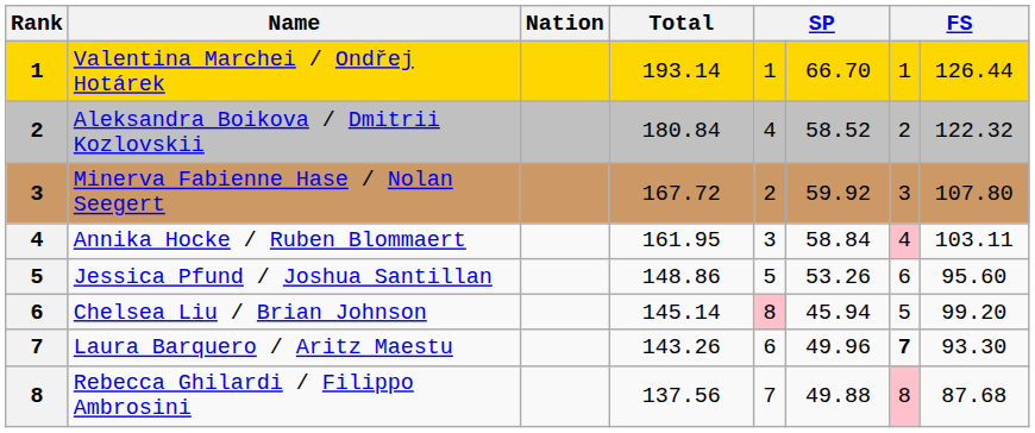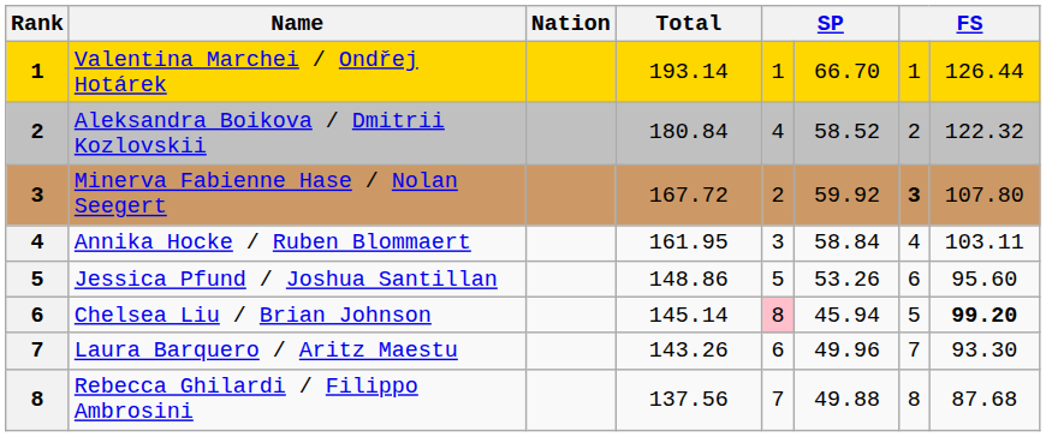 <table class="wikitable sortable">
 <tr>
 <th>Rank</th>
 <th>Name</th>
 <th>Nation</th>
 <th width="80px">Total</th>
 <th colspan="2" width="80px"><a href='#'>SP</a></th>
 <th colspan="2" width="80px"><a href='#'>FS</a></th>
 </tr>
 <tr bgcolor="gold">
 <td align="center"><strong>1</strong></td>
 <td><a href='#'>Valentina Marchei</a> / <a href='#'>Ondřej Hotárek</a></td>
 <td></td>
 <td align="center">193.14</td>
 <td align="center">1</td>
 <td align="center">66.70</td>
 <td align="center">1</td>
 <td align="center">126.44</td>
 </tr>
 <tr bgcolor="silver">
 <td align="center"><strong>2</strong></td>
 <td><a href='#'>Aleksandra Boikova</a> / <a href='#'>Dmitrii Kozlovskii</a></td>
 <td></td>
 <td align="center">180.84</td>
 <td align="center">4</td>
 <td align="center">58.52</td>
 <td align="center">2</td>
 <td align="center">122.32</td>
 </tr>
 <tr bgcolor="cc9966">
 <td align="center"><strong>3</strong></td>
 <td><a href='#'>Minerva Fabienne Hase</a> / <a href='#'>Nolan Seegert</a></td>
 <td></td>
 <td align="center">167.72</td>
 <td align="center">2</td>
 <td align="center">59.92</td>
-<td align="center">3</td>
+<td align="center"><strong>3</strong></td>
 <td align="center">107.80</td>
 </tr>
 <tr>
 <th>4</th>
 <td><a href='#'>Annika Hocke</a> / <a href='#'>Ruben Blommaert</a></td>
 <td></td>
 <td align="center">161.95</td>
 <td align="center">3</td>
 <td align="center">58.84</td>
-<td align="center" style="background: pink;">4</td>
+<td align="center">4</td>
 <td align="center">103.11</td>
 </tr>
 <tr>
 <th>5</th>
 <td><a href='#'>Jessica Pfund</a> / <a href='#'>Joshua Santillan</a></td>
 <td></td>
 <td align="center">148.86</td>
 <td align="center">5</td>
 <td align="center">53.26</td>
 <td align="center">6</td>
 <td align="center">95.60</td>
 </tr>
 <tr>
 <th>6</th>
 <td><a href='#'>Chelsea Liu</a> / <a href='#'>Brian Johnson</a></td>
 <td></td>
 <td align="center">145.14</td>
 <td align="center" style="background: pink;">8</td>
 <td align="center">45.94</td>
 <td align="center">5</td>
-<td align="center">99.20</td>
+<td align="center"><strong>99.20</strong></td>
 </tr>
 <tr>
 <th>7</th>
 <td><a href='#'>Laura Barquero</a> / <a href='#'>Aritz Maestu</a></td>
 <td></td>
 <td align="center">143.26</td>
 <td align="center">6</td>
 <td align="center">49.96</td>
-<td align="center"><strong>7</strong></td>
+<td align="center">7</td>
 <td align="center">93.30</td>
 </tr>
 <tr>
 <th>8</th>
 <td><a href='#'>Rebecca Ghilardi</a> / <a href='#'>Filippo Ambrosini</a></td>
 <td></td>
 <td align="center">137.56</td>
 <td align="center">7</td>
 <td align="center">49.88</td>
-<td align="center" style="background: pink;">8</td>
+<td align="center">8</td>
 <td align="center">87.68</td>
 </tr>
 </table>
